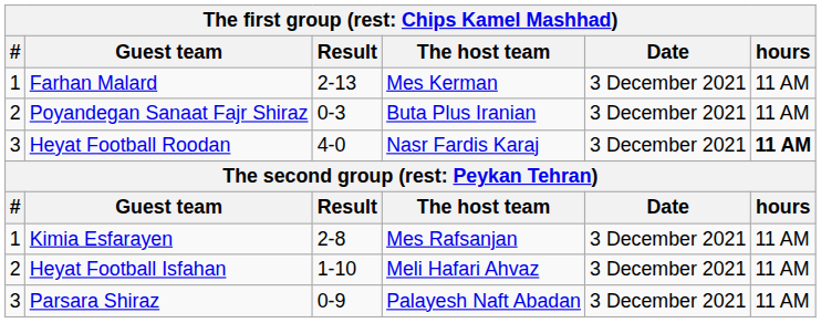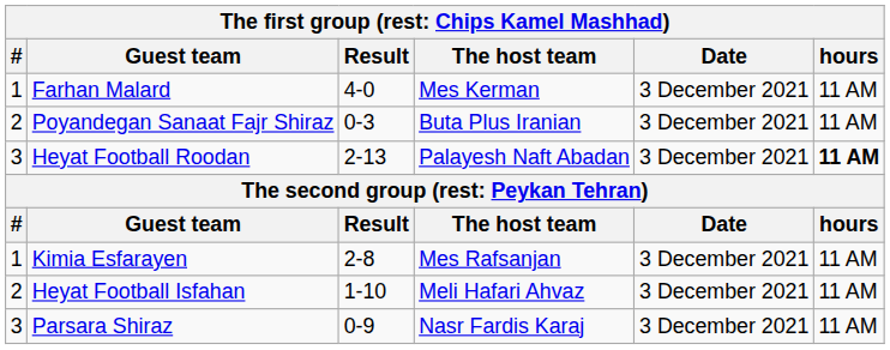 <table class="wikitable">
 <tr>
 <th colspan="6">The first group (rest: <a href='#'>Chips Kamel Mashhad</a>) </th>
 </tr>
 <tr>
 <th>#</th>
 <th>Guest team</th>
 <th>Result</th>
 <th>The host team</th>
 <th>Date</th>
 <th>hours</th>
 </tr>
 <tr>
 <td>1</td>
 <td><a href='#'>Farhan Malard</a></td>
-<td>2-13</td>
+<td>4-0</td>
 <td><a href='#'>Mes Kerman</a></td>
 <td>3 December 2021</td>
 <td>11 AM</td>
 </tr>
 <tr>
 <td>2</td>
 <td><a href='#'>Poyandegan Sanaat Fajr Shiraz</a></td>
 <td>0-3</td>
 <td><a href='#'>Buta Plus Iranian</a></td>
 <td>3 December 2021</td>
 <td>11 AM</td>
 </tr>
 <tr>
 <td>3</td>
 <td><a href='#'>Heyat Football Roodan</a></td>
-<td>4-0</td>
-<td><a href='#'>Nasr Fardis Karaj</a></td>
+<td>2-13</td>
+<td><a href='#'>Palayesh Naft Abadan</a></td>
 <td>3 December 2021</td>
 <td><strong>11 AM</strong></td>
 </tr>
 <tr>
 <th colspan="6">The second group (rest: <a href='#'>Peykan Tehran</a>) </th>
 </tr>
 <tr>
 <th>#</th>
 <th>Guest team</th>
 <th>Result</th>
 <th>The host team</th>
 <th>Date</th>
 <th>hours</th>
 </tr>
 <tr>
 <td>1</td>
 <td><a href='#'>Kimia Esfarayen</a></td>
 <td>2-8</td>
 <td><a href='#'>Mes Rafsanjan</a></td>
 <td>3 December 2021</td>
 <td>11 AM</td>
 </tr>
 <tr>
 <td>2</td>
 <td><a href='#'>Heyat Football Isfahan</a></td>
 <td>1-10</td>
 <td><a href='#'>Meli Hafari Ahvaz</a></td>
 <td>3 December 2021</td>
 <td>11 AM</td>
 </tr>
 <tr>
 <td>3</td>
 <td><a href='#'>Parsara Shiraz</a></td>
 <td>0-9</td>
-<td><a href='#'>Palayesh Naft Abadan</a></td>
+<td><a href='#'>Nasr Fardis Karaj</a></td>
 <td>3 December 2021</td>
 <td>11 AM</td>
 </tr>
 </table>
